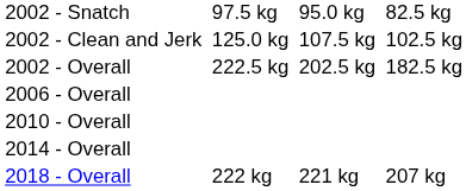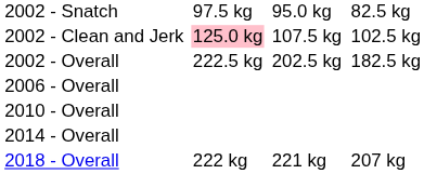 <table>
 <tr>
 <td>2002 - Snatch</td>
 <td></td>
 <td>97.5 kg</td>
 <td></td>
 <td>95.0 kg</td>
 <td></td>
 <td>82.5 kg</td>
 </tr>
 <tr>
 <td>2002 - Clean and Jerk</td>
 <td></td>
-<td>125.0 kg</td>
+<td style="background: pink;">125.0 kg</td>
 <td></td>
 <td>107.5 kg</td>
 <td></td>
 <td>102.5 kg</td>
 </tr>
 <tr>
 <td>2002 - Overall</td>
 <td></td>
 <td>222.5 kg</td>
 <td></td>
 <td>202.5 kg</td>
 <td></td>
 <td>182.5 kg</td>
 </tr>
 <tr>
 <td>2006 - Overall<br></td>
 <td></td>
 <td></td>
 <td></td>
 <td></td>
 <td></td>
 <td></td>
 </tr>
 <tr>
 <td>2010 - Overall<br></td>
 <td></td>
 <td></td>
 <td></td>
 <td></td>
 <td></td>
 <td></td>
 </tr>
 <tr>
 <td>2014 - Overall<br></td>
 <td></td>
 <td></td>
 <td></td>
 <td></td>
 <td></td>
 <td></td>
 </tr>
 <tr>
 <td><a href='#'>2018 - Overall</a></td>
 <td></td>
 <td>222 kg</td>
 <td></td>
 <td>221 kg</td>
 <td></td>
 <td>207 kg</td>
 </tr>
 </table>
